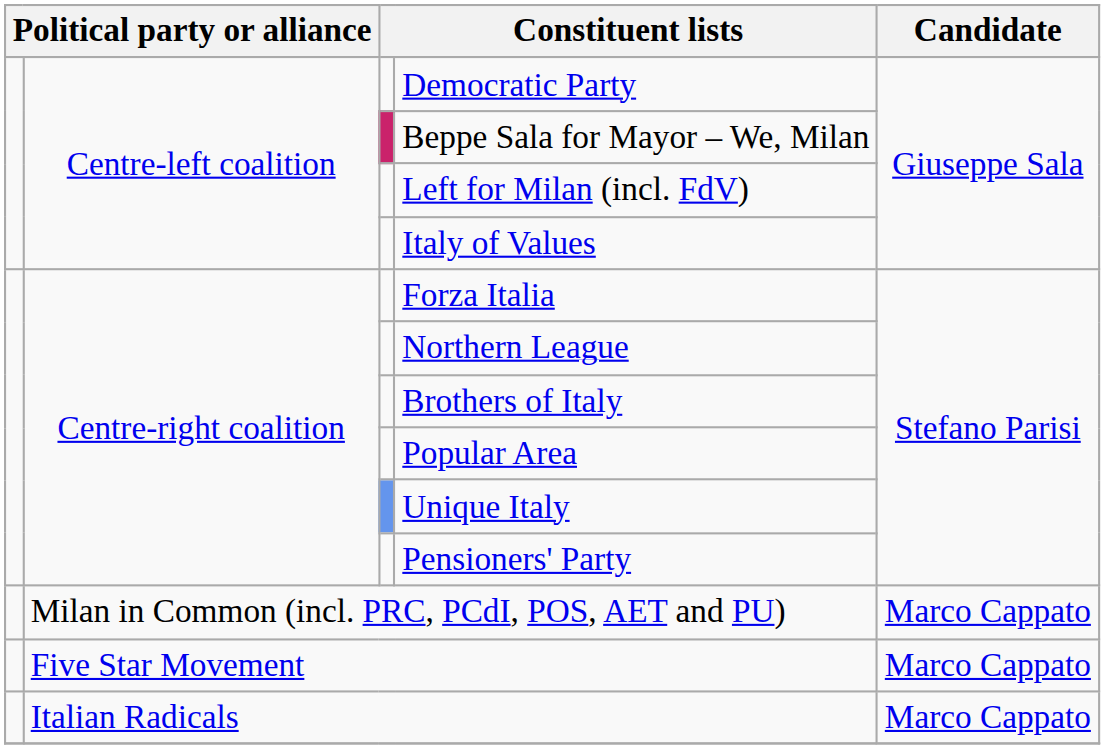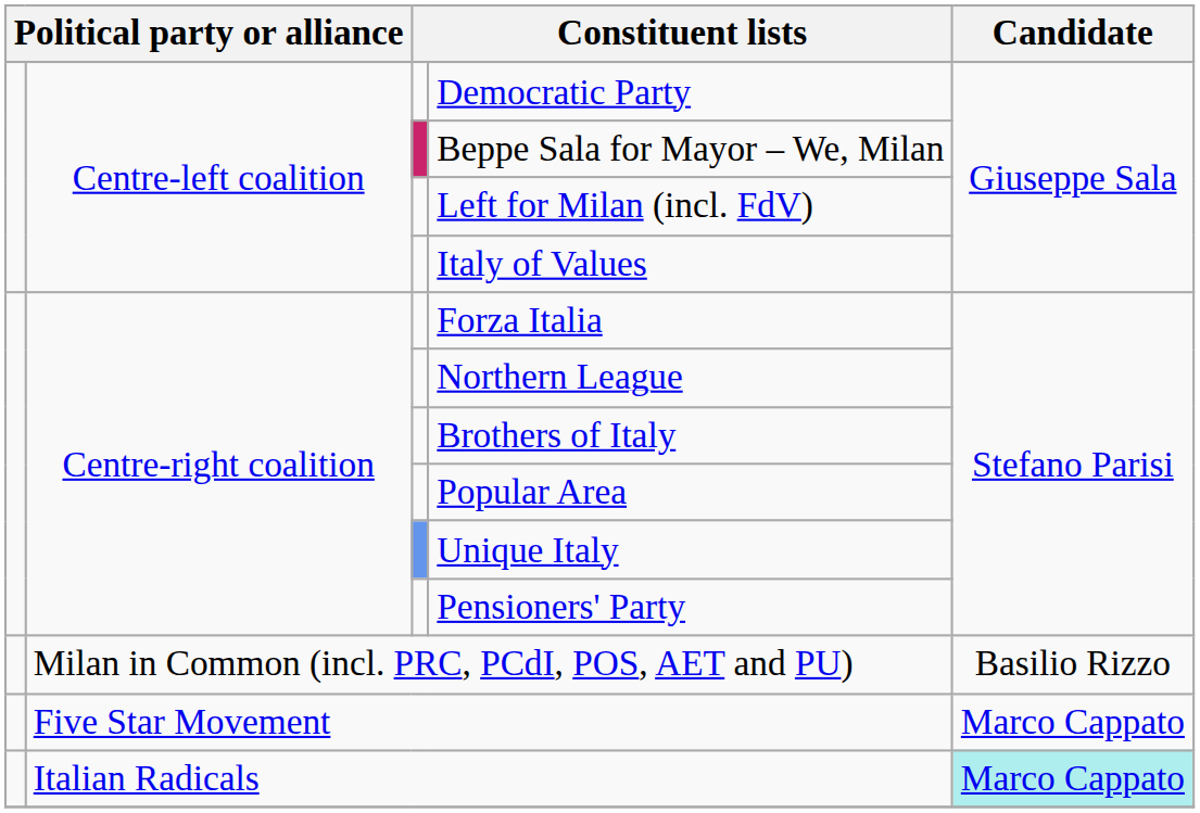 <table class=wikitable style="text-align:left">
 <tr>
 <th colspan=2>Political party or alliance</th>
 <th colspan=2>Constituent lists</th>
 <th>Candidate</th>
 </tr>
 <tr>
 <td rowspan=4 style="background-color:"></td>
 <td rowspan=4 style="text-align:center;"><a href='#'>Centre-left coalition</a></td>
 <td></td>
 <td style="text-align:left;"><a href='#'>Democratic Party</a></td>
 <td rowspan=4 style="text-align:center;"><a href='#'>Giuseppe Sala</a></td>
 </tr>
 <tr>
 <td bgcolor="#CA226B"></td>
 <td style="text-align:left;">Beppe Sala for Mayor – We, Milan</td>
 </tr>
 <tr>
 <td></td>
 <td style="text-align:left;"><a href='#'>Left for Milan</a> (incl. <a href='#'>FdV</a>)</td>
 </tr>
 <tr>
 <td></td>
 <td style="text-align:left;"><a href='#'>Italy of Values</a></td>
 </tr>
 <tr>
 <td rowspan="6" style="background:"></td>
 <td rowspan=6 style="text-align:center;"><a href='#'>Centre-right coalition</a></td>
 <td></td>
 <td style="text-align:left;"><a href='#'>Forza Italia</a></td>
 <td rowspan="6" style="text-align:center;"><a href='#'>Stefano Parisi</a></td>
 </tr>
 <tr>
 <td></td>
 <td style="text-align:left;"><a href='#'>Northern League</a></td>
 </tr>
 <tr>
 <td></td>
 <td style="text-align:left;"><a href='#'>Brothers of Italy</a></td>
 </tr>
 <tr>
 <td></td>
 <td style="text-align:left;"><a href='#'>Popular Area</a></td>
 </tr>
 <tr>
 <td bgcolor="#6495ED"></td>
 <td style="text-align:left;"><a href='#'>Unique Italy</a></td>
 </tr>
 <tr>
 <td></td>
 <td style="text-align:left;"><a href='#'>Pensioners' Party</a></td>
 </tr>
 <tr>
 <td style="background-color:"></td>
 <td colspan=3 style="text-align:left;">Milan in Common (incl. <a href='#'>PRC</a>, <a href='#'>PCdI</a>, <a href='#'>POS</a>, <a href='#'>AET</a> and <a href='#'>PU</a>)</td>
-<td style="text-align:center;"><a href='#'>Marco Cappato</a></td>
+<td style="text-align:center;">Basilio Rizzo</td>
 </tr>
 <tr>
 <td style="background-color:"></td>
 <td colspan=3 style="text-align:left;"><a href='#'>Five Star Movement</a></td>
 <td style="text-align:center;"><a href='#'>Marco Cappato</a></td>
 </tr>
 <tr>
 <td style="background-color:"></td>
 <td colspan=3 style="text-align:left;"><a href='#'>Italian Radicals</a></td>
-<td style="text-align:center;"><a href='#'>Marco Cappato</a></td>
+<td style="background: paleturquoise; text-align:center;"><a href='#'>Marco Cappato</a></td>
 </tr>
 <tr>
 </tr>
 </table>
